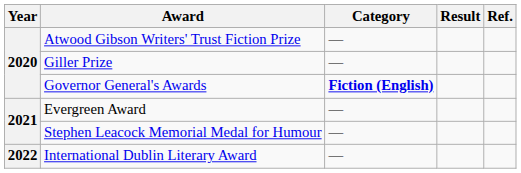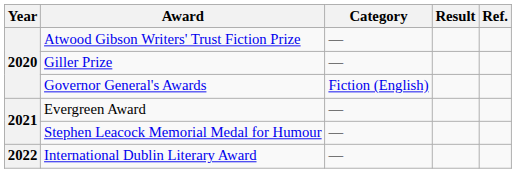 <table class="wikitable sortable">
 <tr>
 <th>Year</th>
 <th>Award</th>
 <th>Category</th>
 <th>Result</th>
 <th>Ref.</th>
 </tr>
 <tr>
 <th rowspan=3>2020</th>
 <td><a href='#'>Atwood Gibson Writers' Trust Fiction Prize</a></td>
 <td>—</td>
 <td></td>
 <td></td>
 </tr>
 <tr>
 <td><a href='#'>Giller Prize</a></td>
 <td>—</td>
 <td></td>
 <td></td>
 </tr>
 <tr>
 <td><a href='#'>Governor General's Awards</a></td>
-<td><strong><a href='#'>Fiction (English)</a></strong></td>
+<td><a href='#'>Fiction (English)</a></td>
 <td></td>
 <td></td>
 </tr>
 <tr>
 <th rowspan=2>2021</th>
 <td>Evergreen Award</td>
 <td>—</td>
 <td></td>
 <td></td>
 </tr>
 <tr>
 <td><a href='#'>Stephen Leacock Memorial Medal for Humour</a></td>
 <td>—</td>
 <td></td>
 <td></td>
 </tr>
 <tr>
 <th>2022</th>
 <td><a href='#'>International Dublin Literary Award</a></td>
 <td>—</td>
 <td></td>
 <td></td>
 </tr>
 </table>
